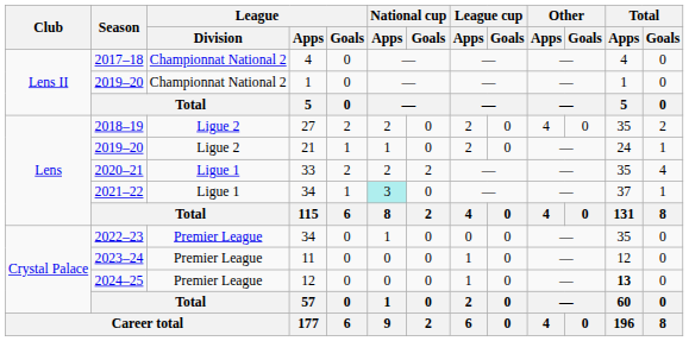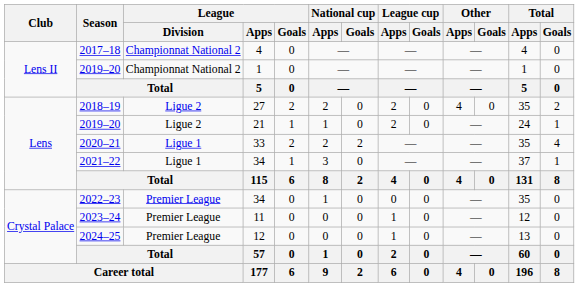 <table class="wikitable" style="text-align: center;">
 <tr>
 <th rowspan="2">Club</th>
 <th rowspan="2">Season</th>
 <th colspan="3">League</th>
 <th colspan="2">National cup</th>
 <th colspan="2">League cup</th>
 <th colspan="2">Other</th>
 <th colspan="2">Total</th>
 </tr>
 <tr>
 <th>Division</th>
 <th>Apps</th>
 <th>Goals</th>
 <th>Apps</th>
 <th>Goals</th>
 <th>Apps</th>
 <th>Goals</th>
 <th>Apps</th>
 <th>Goals</th>
 <th>Apps</th>
 <th>Goals</th>
 </tr>
 <tr>
 <td rowspan="3"><a href='#'>Lens II</a></td>
 <td><a href='#'>2017–18</a></td>
 <td><a href='#'>Championnat National 2</a></td>
 <td>4</td>
 <td>0</td>
 <td colspan="2">—</td>
 <td colspan="2">—</td>
 <td colspan="2">—</td>
 <td>4</td>
 <td>0</td>
 </tr>
 <tr>
 <td><a href='#'>2019–20</a></td>
 <td>Championnat National 2</td>
 <td>1</td>
 <td>0</td>
 <td colspan="2">—</td>
 <td colspan="2">—</td>
 <td colspan="2">—</td>
 <td>1</td>
 <td>0</td>
 </tr>
 <tr>
 <th colspan="2">Total</th>
 <th>5</th>
 <th>0</th>
 <th colspan="2">—</th>
 <th colspan="2">—</th>
 <th colspan="2">—</th>
 <th>5</th>
 <th>0</th>
 </tr>
 <tr>
 <td rowspan="5"><a href='#'>Lens</a></td>
 <td><a href='#'>2018–19</a></td>
 <td><a href='#'>Ligue 2</a></td>
 <td>27</td>
 <td>2</td>
 <td>2</td>
 <td>0</td>
 <td>2</td>
 <td>0</td>
 <td>4</td>
 <td>0</td>
 <td>35</td>
 <td>2</td>
 </tr>
 <tr>
 <td><a href='#'>2019–20</a></td>
 <td>Ligue 2</td>
 <td>21</td>
 <td>1</td>
 <td>1</td>
 <td>0</td>
 <td>2</td>
 <td>0</td>
 <td colspan="2">—</td>
 <td>24</td>
 <td>1</td>
 </tr>
 <tr>
 <td><a href='#'>2020–21</a></td>
 <td><a href='#'>Ligue 1</a></td>
 <td>33</td>
 <td>2</td>
 <td>2</td>
 <td>2</td>
 <td colspan="2">—</td>
 <td colspan="2">—</td>
 <td>35</td>
 <td>4</td>
 </tr>
 <tr>
 <td><a href='#'>2021–22</a></td>
 <td>Ligue 1</td>
 <td>34</td>
 <td>1</td>
-<td style="background: paleturquoise;">3</td>
+<td>3</td>
 <td>0</td>
 <td colspan="2">—</td>
 <td colspan="2">—</td>
 <td>37</td>
 <td>1</td>
 </tr>
 <tr>
 <th colspan="2">Total</th>
 <th>115</th>
 <th>6</th>
 <th>8</th>
 <th>2</th>
 <th>4</th>
 <th>0</th>
 <th>4</th>
 <th>0</th>
 <th>131</th>
 <th>8</th>
 </tr>
 <tr>
 <td rowspan="4"><a href='#'>Crystal Palace</a></td>
 <td><a href='#'>2022–23</a></td>
 <td><a href='#'>Premier League</a></td>
 <td>34</td>
 <td>0</td>
 <td>1</td>
 <td>0</td>
 <td>0</td>
 <td>0</td>
 <td colspan="2">—</td>
 <td>35</td>
 <td>0</td>
 </tr>
 <tr>
 <td><a href='#'>2023–24</a></td>
 <td>Premier League</td>
 <td>11</td>
 <td>0</td>
 <td>0</td>
 <td>0</td>
 <td>1</td>
 <td>0</td>
 <td colspan="2">—</td>
 <td>12</td>
 <td>0</td>
 </tr>
 <tr>
 <td><a href='#'>2024–25</a></td>
 <td>Premier League</td>
 <td>12</td>
 <td>0</td>
 <td>0</td>
 <td>0</td>
 <td>1</td>
 <td>0</td>
 <td colspan="2">—</td>
-<td><strong>13</strong></td>
+<td>13</td>
 <td>0</td>
 </tr>
 <tr>
 <th colspan="2">Total</th>
 <th>57</th>
 <th>0</th>
 <th>1</th>
 <th>0</th>
 <th>2</th>
 <th>0</th>
 <th colspan="2">—</th>
 <th>60</th>
 <th>0</th>
 </tr>
 <tr>
 <th colspan="3">Career total</th>
 <th>177</th>
 <th>6</th>
 <th>9</th>
 <th>2</th>
 <th>6</th>
 <th>0</th>
 <th>4</th>
 <th>0</th>
 <th>196</th>
 <th>8</th>
 </tr>
 </table>
